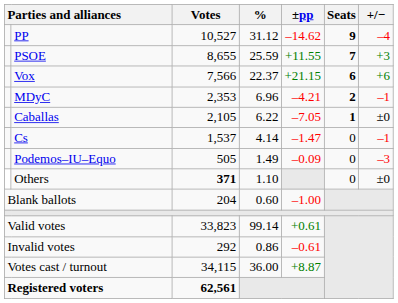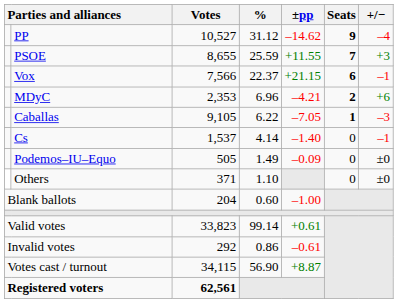 <table class="wikitable" style="text-align:right;">
 <tr>
 <th style="text-align:left;" colspan="2" width="200">Parties and alliances</th>
 <th width="75">Votes</th>
 <th width="45">%</th>
 <th width="45">±<a href='#'>pp</a></th>
 <th width="35">Seats</th>
 <th width="35">+/−</th>
 </tr>
 <tr>
 <td width="1" style="color:inherit;background:"></td>
 <td align="left"><a href='#'>PP</a></td>
 <td>10,527</td>
 <td>31.12</td>
 <td style="color:red;">–14.62</td>
 <td><strong>9</strong></td>
 <td style="color:red;">–4</td>
 </tr>
 <tr>
 <td style="color:inherit;background:"></td>
 <td align="left"><a href='#'>PSOE</a></td>
 <td>8,655</td>
 <td>25.59</td>
 <td style="color:green;">+11.55</td>
 <td><strong>7</strong></td>
 <td style="color:green;">+3</td>
 </tr>
 <tr>
 <td style="color:inherit;background:"></td>
 <td align="left"><a href='#'>Vox</a></td>
 <td>7,566</td>
 <td>22.37</td>
 <td style="color:green;">+21.15</td>
 <td><strong>6</strong></td>
-<td style="color:green;">+6</td>
+<td style="color:red;">–1</td>
 </tr>
 <tr>
 <td style="color:inherit;background:"></td>
 <td align="left"><a href='#'>MDyC</a></td>
 <td>2,353</td>
 <td>6.96</td>
 <td style="color:red;">–4.21</td>
 <td><strong>2</strong></td>
-<td style="color:red;">–1</td>
+<td style="color:green;">+6</td>
 </tr>
 <tr>
 <td style="color:inherit;background:"></td>
 <td align="left"><a href='#'>Caballas</a></td>
-<td>2,105</td>
+<td>9,105</td>
 <td>6.22</td>
 <td style="color:red;">–7.05</td>
 <td><strong>1</strong></td>
-<td>±0</td>
+<td style="color:red;">–3</td>
 </tr>
 <tr>
 <td style="color:inherit;background:"></td>
 <td align="left"><a href='#'>Cs</a></td>
 <td>1,537</td>
 <td>4.14</td>
-<td style="color:red;">–1.47</td>
+<td style="color:red;">–1.40</td>
 <td>0</td>
 <td style="color:red;">–1</td>
 </tr>
 <tr>
 <td style="color:inherit;background:"></td>
 <td align="left"><a href='#'>Podemos–IU–Equo</a></td>
 <td>505</td>
 <td>1.49</td>
 <td style="color:red;">–0.09</td>
 <td>0</td>
-<td style="color:red;">–3</td>
+<td>±0</td>
 </tr>
 <tr>
 <td bgcolor="white"></td>
 <td align="left">Others</td>
-<td><strong>371</strong></td>
+<td>371</td>
 <td>1.10</td>
 <td bgcolor="#E9E9E9"></td>
 <td>0</td>
 <td>±0</td>
 </tr>
 <tr>
 <td align="left" colspan="2">Blank ballots</td>
 <td>204</td>
 <td>0.60</td>
 <td style="color:red;">–1.00</td>
 <td bgcolor="#E9E9E9" colspan="2"></td>
 </tr>
 <tr>
 <td colspan="7" bgcolor="#E9E9E9"></td>
 </tr>
 <tr>
 <td align="left" colspan="2">Valid votes</td>
 <td>33,823</td>
 <td>99.14</td>
 <td style="color:green;">+0.61</td>
 <td bgcolor="#E9E9E9" colspan="2" rowspan="4"></td>
 </tr>
 <tr>
 <td align="left" colspan="2">Invalid votes</td>
 <td>292</td>
 <td>0.86</td>
 <td style="color:red;">–0.61</td>
 </tr>
 <tr>
 <td align="left" colspan="2">Votes cast / turnout</td>
 <td>34,115</td>
-<td>36.00</td>
+<td>56.90</td>
 <td style="color:green;">+8.87</td>
 </tr>
 <tr style="font-weight:bold;">
 <td align="left" colspan="2">Registered voters</td>
 <td>62,561</td>
 <td bgcolor="#E9E9E9" colspan="2"></td>
 </tr>
 </table>
